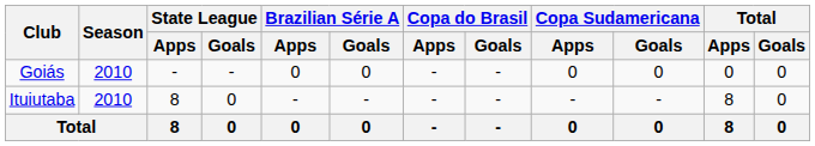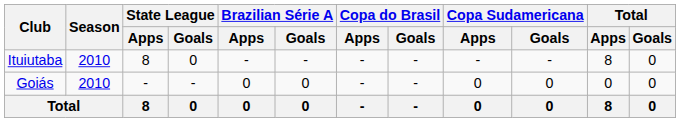 <table class="wikitable" style="text-align: center;">
 <tr>
 <th rowspan="2">Club</th>
 <th rowspan="2">Season</th>
 <th colspan="2">State League</th>
 <th colspan="2"><a href='#'>Brazilian Série A</a></th>
 <th colspan="2"><a href='#'>Copa do Brasil</a></th>
 <th colspan="2"><a href='#'>Copa Sudamericana</a></th>
 <th colspan="2">Total</th>
 </tr>
 <tr>
 <th>Apps</th>
 <th>Goals</th>
 <th>Apps</th>
 <th>Goals</th>
 <th>Apps</th>
 <th>Goals</th>
 <th>Apps</th>
 <th>Goals</th>
 <th>Apps</th>
 <th>Goals</th>
 </tr>
 <tr>
+<td rowspan="1" valign="center"><a href='#'>Ituiutaba</a></td>
+<td><a href='#'>2010</a></td>
+<td>8</td>
+<td>0</td>
+<td>-</td>
+<td>-</td>
+<td>-</td>
+<td>-</td>
+<td>-</td>
+<td>-</td>
+<td>8</td>
+<td>0</td>
+</tr>
+<tr>
 <td rowspan="1" valign="center"><a href='#'>Goiás</a></td>
 <td><a href='#'>2010</a></td>
 <td>-</td>
 <td>-</td>
 <td>0</td>
 <td>0</td>
 <td>-</td>
 <td>-</td>
 <td>0</td>
 <td>0</td>
 <td>0</td>
-<td>0</td>
-</tr>
-<tr>
-<td rowspan="1" valign="center"><a href='#'>Ituiutaba</a></td>
-<td><a href='#'>2010</a></td>
-<td>8</td>
-<td>0</td>
-<td>-</td>
-<td>-</td>
-<td>-</td>
-<td>-</td>
-<td>-</td>
-<td>-</td>
-<td>8</td>
 <td>0</td>
 </tr>
 <tr>
 <th colspan="2"><strong>Total</strong></th>
 <th>8</th>
 <th>0</th>
 <th>0</th>
 <th>0</th>
 <th>-</th>
 <th>-</th>
 <th>0</th>
 <th>0</th>
 <th>8</th>
 <th>0</th>
 </tr>
 </table>
